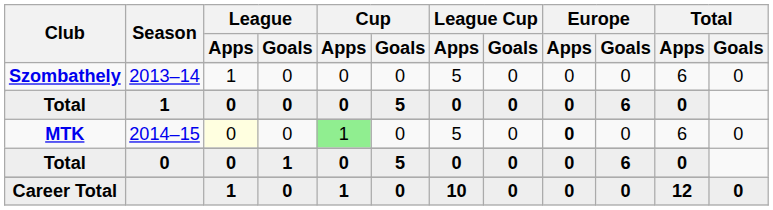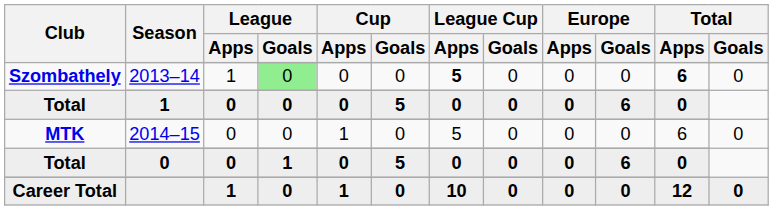 <table class="wikitable" style="font-size:90%; text-align: center;">
 <tr>
 <th rowspan="2">Club</th>
 <th rowspan="2">Season</th>
 <th colspan="2">League</th>
 <th colspan="2">Cup</th>
 <th colspan="2">League Cup</th>
 <th colspan="2">Europe</th>
 <th colspan="2">Total</th>
 </tr>
 <tr>
 <th>Apps</th>
 <th>Goals</th>
 <th>Apps</th>
 <th>Goals</th>
 <th>Apps</th>
 <th>Goals</th>
 <th>Apps</th>
 <th>Goals</th>
 <th>Apps</th>
 <th>Goals</th>
 </tr>
 <tr ||-||-||-|->
 <td rowspan="3" valign="center"><strong><a href='#'>Szombathely</a></strong></td>
 </tr>
 <tr>
 <td><a href='#'>2013–14</a></td>
 <td>1</td>
+<td style="background: lightgreen;">0</td>
+<td>0</td>
+<td>0</td>
+<td><strong>5</strong></td>
 <td>0</td>
 <td>0</td>
 <td>0</td>
-<td>5</td>
-<td>0</td>
-<td>0</td>
-<td>0</td>
-<td>6</td>
+<td><strong>6</strong></td>
 <td>0</td>
 </tr>
 <tr>
 </tr>
 <tr style="font-weight:bold; background-color:#eeeeee;">
 <td>Total</td>
 <td>1</td>
 <td>0</td>
 <td>0</td>
 <td>0</td>
 <td>5</td>
 <td>0</td>
 <td>0</td>
 <td>0</td>
 <td>6</td>
 <td>0</td>
 </tr>
 <tr>
 <td rowspan="3" valign="center"><strong><a href='#'>MTK</a></strong></td>
 </tr>
 <tr>
 <td><a href='#'>2014–15</a></td>
-<td style="background: lightyellow;">0</td>
 <td>0</td>
-<td style="background: lightgreen;">1</td>
+<td>0</td>
+<td>1</td>
 <td>0</td>
 <td>5</td>
 <td>0</td>
-<td><strong>0</strong></td>
+<td>0</td>
 <td>0</td>
 <td>6</td>
 <td>0</td>
 </tr>
 <tr>
 </tr>
 <tr style="font-weight:bold; background-color:#eeeeee;">
 <td>Total</td>
 <td>0</td>
 <td>0</td>
 <td>1</td>
 <td>0</td>
 <td>5</td>
 <td>0</td>
 <td>0</td>
 <td>0</td>
 <td>6</td>
 <td>0</td>
 </tr>
 <tr>
 </tr>
 <tr style="font-weight:bold; background-color:#eeeeee;">
 <td rowspan="2" valign="top"><strong>Career Total</strong></td>
 <td></td>
 <td><strong>1</strong></td>
 <td><strong>0</strong></td>
 <td><strong>1</strong></td>
 <td><strong>0</strong></td>
 <td><strong>10</strong></td>
 <td><strong>0</strong></td>
 <td><strong>0</strong></td>
 <td><strong>0</strong></td>
 <td><strong>12</strong></td>
 <td><strong>0</strong></td>
 </tr>
 </table>
